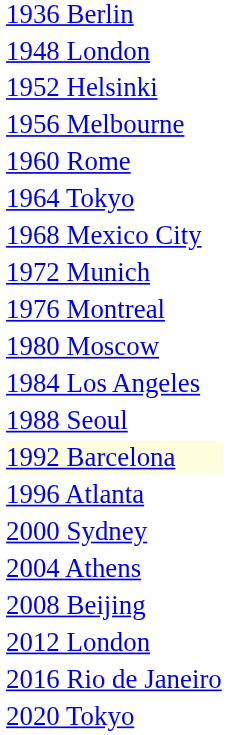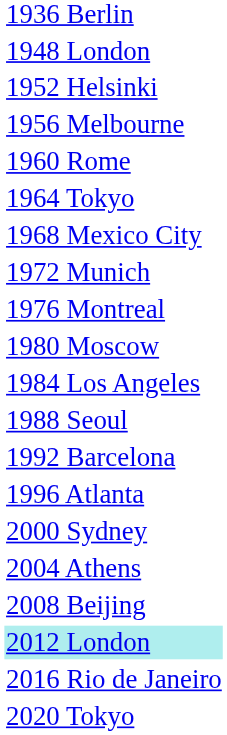 <table>
 <tr>
 <td><a href='#'>1936 Berlin</a><br></td>
 <td></td>
 <td></td>
 <td></td>
 </tr>
 <tr>
 <td><a href='#'>1948 London</a> <br></td>
 <td></td>
 <td></td>
 <td></td>
 </tr>
 <tr>
 <td><a href='#'>1952 Helsinki</a> <br></td>
 <td></td>
 <td></td>
 <td></td>
 </tr>
 <tr>
 <td><a href='#'>1956 Melbourne</a> <br></td>
 <td></td>
 <td></td>
 <td></td>
 </tr>
 <tr>
 <td><a href='#'>1960 Rome</a> <br></td>
 <td></td>
 <td></td>
 <td></td>
 </tr>
 <tr>
 <td><a href='#'>1964 Tokyo</a> <br></td>
 <td></td>
 <td></td>
 <td></td>
 </tr>
 <tr>
 <td><a href='#'>1968 Mexico City</a> <br></td>
 <td></td>
 <td></td>
 <td></td>
 </tr>
 <tr>
 <td><a href='#'>1972 Munich</a> <br></td>
 <td></td>
 <td></td>
 <td></td>
 </tr>
 <tr>
 <td><a href='#'>1976 Montreal</a> <br></td>
 <td></td>
 <td></td>
 <td></td>
 </tr>
 <tr>
 <td><a href='#'>1980 Moscow</a> <br></td>
 <td></td>
 <td></td>
 <td></td>
 </tr>
 <tr>
 <td><a href='#'>1984 Los Angeles</a> <br></td>
 <td></td>
 <td></td>
 <td></td>
 </tr>
 <tr>
 <td><a href='#'>1988 Seoul</a> <br></td>
 <td></td>
 <td></td>
 <td></td>
 </tr>
 <tr>
-<td style="background: lightyellow;"><a href='#'>1992 Barcelona</a> <br></td>
+<td><a href='#'>1992 Barcelona</a> <br></td>
 <td></td>
 <td></td>
 <td></td>
 </tr>
 <tr>
 <td><a href='#'>1996 Atlanta</a> <br></td>
 <td></td>
 <td></td>
 <td></td>
 </tr>
 <tr>
 <td><a href='#'>2000 Sydney</a> <br></td>
 <td></td>
 <td></td>
 <td></td>
 </tr>
 <tr>
 <td><a href='#'>2004 Athens</a> <br></td>
 <td></td>
 <td></td>
 <td></td>
 </tr>
 <tr>
 <td><a href='#'>2008 Beijing</a> <br></td>
 <td></td>
 <td></td>
 <td></td>
 </tr>
 <tr>
-<td><a href='#'>2012 London</a> <br></td>
+<td style="background: paleturquoise;"><a href='#'>2012 London</a> <br></td>
 <td></td>
 <td></td>
 <td></td>
 </tr>
 <tr>
 <td><a href='#'>2016 Rio de Janeiro</a> <br></td>
 <td></td>
 <td></td>
 <td></td>
 </tr>
 <tr>
 <td><a href='#'>2020 Tokyo</a> <br></td>
 <td></td>
 <td></td>
 <td></td>
 </tr>
 <tr>
 </tr>
 </table>
